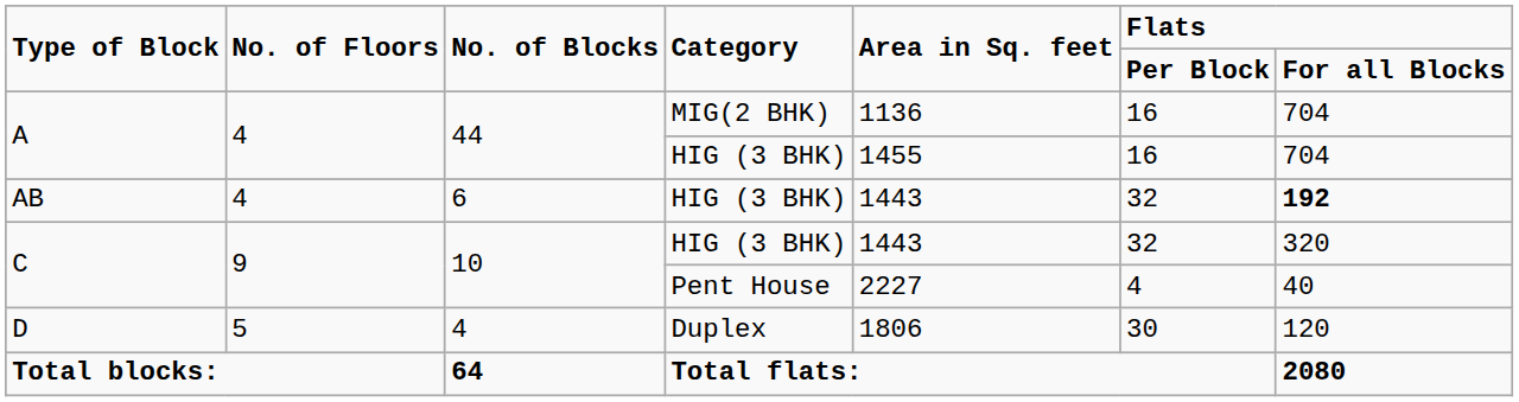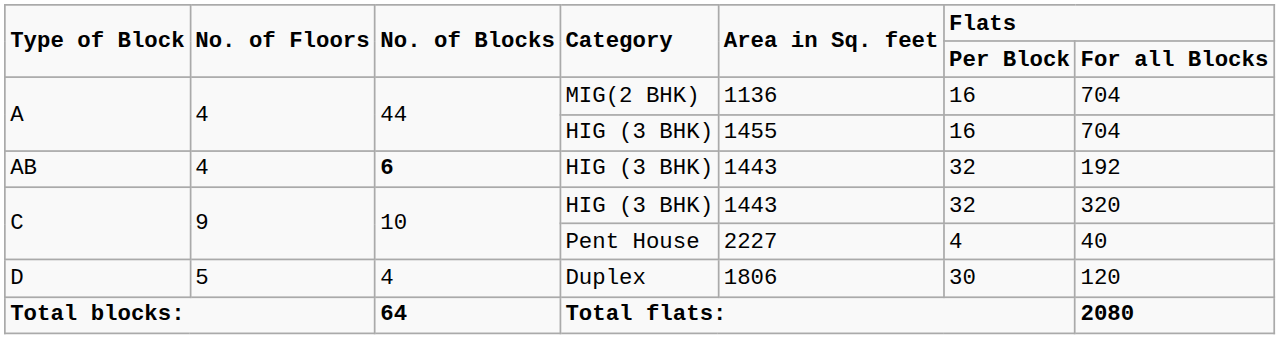 <table class="wikitable">
 <tr>
 <td rowspan="2"><strong>Type of Block</strong></td>
 <td rowspan="2"><strong>No. of Floors</strong></td>
 <td rowspan="2"><strong>No. of Blocks</strong></td>
 <td rowspan="2"><strong>Category</strong></td>
 <td rowspan="2"><strong>Area in Sq. feet</strong></td>
 <td colspan="2"><strong>Flats</strong></td>
 </tr>
 <tr>
 <td><strong>Per Block</strong></td>
 <td><strong>For all Blocks</strong></td>
 </tr>
 <tr>
 <td rowspan="2">A</td>
 <td rowspan="2">4</td>
 <td rowspan="2">44</td>
 <td>MIG(2 BHK)</td>
 <td>1136</td>
 <td>16</td>
 <td>704</td>
 </tr>
 <tr>
 <td>HIG (3 BHK)</td>
 <td>1455</td>
 <td>16</td>
 <td>704</td>
 </tr>
 <tr>
 <td>AB</td>
 <td>4</td>
-<td>6</td>
+<td><strong>6</strong></td>
 <td>HIG (3 BHK)</td>
 <td>1443</td>
 <td>32</td>
-<td><strong>192</strong></td>
+<td>192</td>
 </tr>
 <tr>
 <td rowspan="2">C</td>
 <td rowspan="2">9</td>
 <td rowspan="2">10</td>
 <td>HIG (3 BHK)</td>
 <td>1443</td>
 <td>32</td>
 <td>320</td>
 </tr>
 <tr>
 <td>Pent House</td>
 <td>2227</td>
 <td>4</td>
 <td>40</td>
 </tr>
 <tr>
 <td>D</td>
 <td>5</td>
 <td>4</td>
 <td>Duplex</td>
 <td>1806</td>
 <td>30</td>
 <td>120</td>
 </tr>
 <tr>
 <td colspan="2"><strong>Total blocks:</strong></td>
 <td><strong>64</strong></td>
 <td colspan="3"><strong>Total flats:</strong></td>
 <td><strong>2080</strong></td>
 </tr>
 </table>
